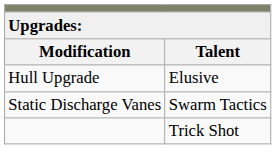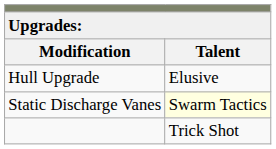 <table class="wikitable sortable">
 <tr style="background:#7D836A;">
 <td colspan="8"></td>
 </tr>
 <tr style="background:#f0f0f0;">
 <td colspan="8"><strong>Upgrades:</strong></td>
 </tr>
 <tr style="background:#f0f0f0;">
 <th>Modification</th>
 <th>Talent</th>
 </tr>
 <tr>
 <td>Hull Upgrade</td>
 <td>Elusive</td>
 </tr>
 <tr>
 <td>Static Discharge Vanes</td>
-<td>Swarm Tactics</td>
+<td style="background: lightyellow;">Swarm Tactics</td>
 </tr>
 <tr>
 <td></td>
 <td>Trick Shot</td>
 </tr>
 </table>
